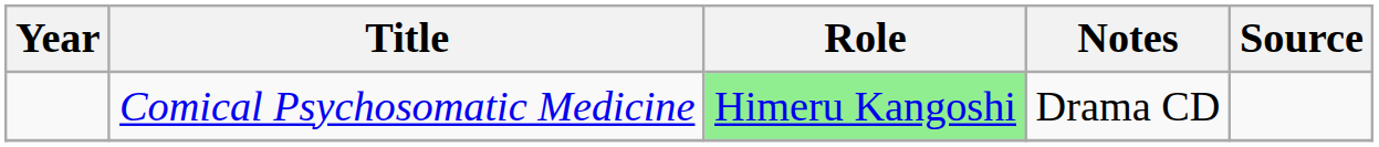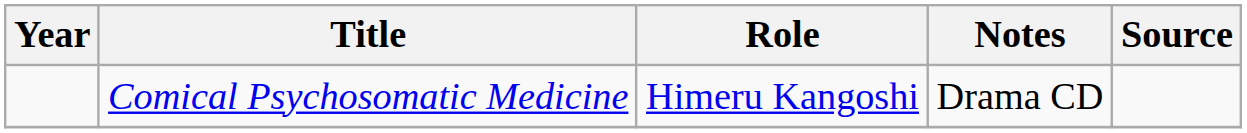 <table class="wikitable sortable plainrowheaders">
 <tr>
 <th>Year</th>
 <th>Title</th>
 <th>Role</th>
 <th class="unsortable">Notes</th>
 <th class="unsortable">Source</th>
 </tr>
 <tr>
 <td></td>
 <td><em><a href='#'>Comical Psychosomatic Medicine</a></em></td>
-<td style="background: lightgreen;"><a href='#'>Himeru Kangoshi</a></td>
+<td><a href='#'>Himeru Kangoshi</a></td>
 <td>Drama CD</td>
 <td></td>
 </tr>
 <tr>
 </tr>
 </table>
